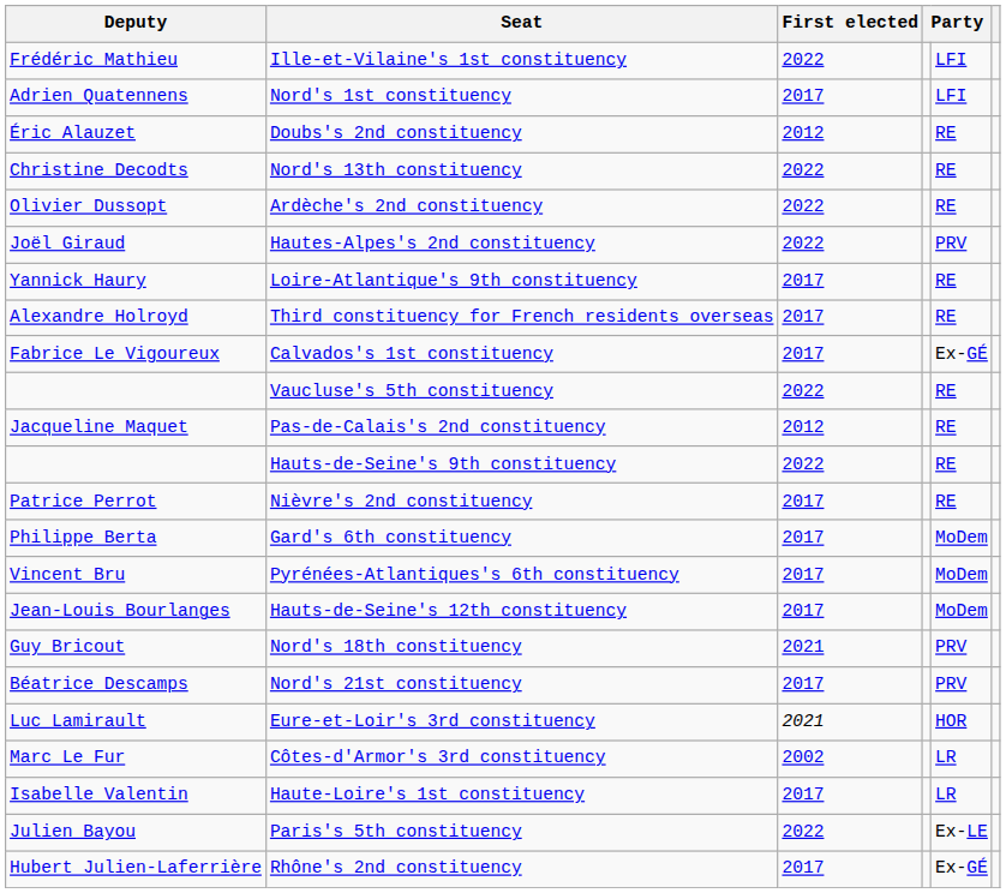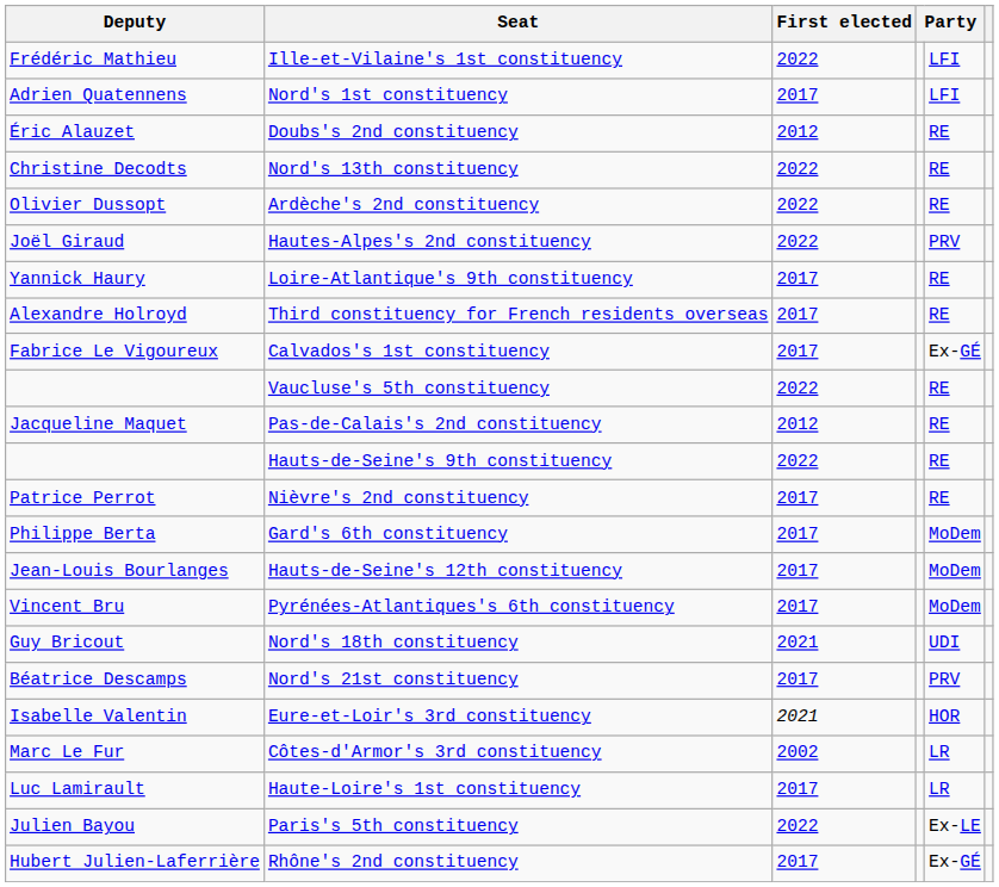 <table class="wikitable mw-collapsible autocollapse" style="text-align:left; font-size:95%; line-height:20px;">
 <tr>
 <th scope="col">Deputy</th>
 <th scope="col">Seat</th>
 <th scope="col">First elected</th>
 <th colspan=2 scope="col">Party</th>
 <th scope="col"></th>
 </tr>
 <tr>
 <td><a href='#'>Frédéric Mathieu</a></td>
 <td><a href='#'>Ille-et-Vilaine's 1st constituency</a></td>
 <td><a href='#'>2022</a></td>
 <td></td>
 <td><a href='#'>LFI</a></td>
 <td></td>
 </tr>
 <tr>
 <td><a href='#'>Adrien Quatennens</a></td>
 <td><a href='#'>Nord's 1st constituency</a></td>
 <td><a href='#'>2017</a></td>
 <td></td>
 <td><a href='#'>LFI</a></td>
 <td></td>
 </tr>
 <tr>
 <td><a href='#'>Éric Alauzet</a></td>
 <td><a href='#'>Doubs's 2nd constituency</a></td>
 <td><a href='#'>2012</a></td>
 <td></td>
 <td><a href='#'>RE</a></td>
 <td></td>
 </tr>
 <tr>
 <td><a href='#'>Christine Decodts</a></td>
 <td><a href='#'>Nord's 13th constituency</a></td>
 <td><a href='#'>2022</a></td>
 <td></td>
 <td><a href='#'>RE</a></td>
 <td></td>
 </tr>
 <tr>
 <td><a href='#'>Olivier Dussopt</a></td>
 <td><a href='#'>Ardèche's 2nd constituency</a></td>
 <td><a href='#'>2022</a></td>
 <td></td>
 <td><a href='#'>RE</a></td>
 <td></td>
 </tr>
 <tr>
 <td><a href='#'>Joël Giraud</a></td>
 <td><a href='#'>Hautes-Alpes's 2nd constituency</a></td>
 <td><a href='#'>2022</a></td>
 <td style="background-color: "></td>
 <td><a href='#'>PRV</a></td>
 <td></td>
 </tr>
 <tr>
 <td><a href='#'>Yannick Haury</a></td>
 <td><a href='#'>Loire-Atlantique's 9th constituency</a></td>
 <td><a href='#'>2017</a></td>
 <td></td>
 <td><a href='#'>RE</a></td>
 <td></td>
 </tr>
 <tr>
 <td><a href='#'>Alexandre Holroyd</a></td>
 <td><a href='#'>Third constituency for French residents overseas</a></td>
 <td><a href='#'>2017</a></td>
 <td></td>
 <td><a href='#'>RE</a></td>
 <td></td>
 </tr>
 <tr>
 <td><a href='#'>Fabrice Le Vigoureux</a></td>
 <td><a href='#'>Calvados's 1st constituency</a></td>
 <td><a href='#'>2017</a></td>
 <td></td>
 <td>Ex-<a href='#'>GÉ</a></td>
 <td></td>
 </tr>
 <tr>
 <td></td>
 <td><a href='#'>Vaucluse's 5th constituency</a></td>
 <td><a href='#'>2022</a></td>
 <td></td>
 <td><a href='#'>RE</a></td>
 <td></td>
 </tr>
 <tr>
 <td><a href='#'>Jacqueline Maquet</a></td>
 <td><a href='#'>Pas-de-Calais's 2nd constituency</a></td>
 <td><a href='#'>2012</a></td>
 <td></td>
 <td><a href='#'>RE</a></td>
 <td></td>
 </tr>
 <tr>
 <td></td>
 <td><a href='#'>Hauts-de-Seine's 9th constituency</a></td>
 <td><a href='#'>2022</a></td>
 <td></td>
 <td><a href='#'>RE</a></td>
 <td></td>
 </tr>
 <tr>
 <td><a href='#'>Patrice Perrot</a></td>
 <td><a href='#'>Nièvre's 2nd constituency</a></td>
 <td><a href='#'>2017</a></td>
 <td></td>
 <td><a href='#'>RE</a></td>
 <td></td>
 </tr>
 <tr>
 <td><a href='#'>Philippe Berta</a></td>
 <td><a href='#'>Gard's 6th constituency</a></td>
 <td><a href='#'>2017</a></td>
 <td style="background-color: "></td>
 <td><a href='#'>MoDem</a></td>
 <td></td>
 </tr>
 <tr>
-<td><a href='#'>Vincent Bru</a></td>
-<td><a href='#'>Pyrénées-Atlantiques's 6th constituency</a></td>
+<td><a href='#'>Jean-Louis Bourlanges</a></td>
+<td><a href='#'>Hauts-de-Seine's 12th constituency</a></td>
 <td><a href='#'>2017</a></td>
 <td style="background-color: "></td>
 <td><a href='#'>MoDem</a></td>
 <td></td>
 </tr>
 <tr>
-<td><a href='#'>Jean-Louis Bourlanges</a></td>
-<td><a href='#'>Hauts-de-Seine's 12th constituency</a></td>
+<td><a href='#'>Vincent Bru</a></td>
+<td><a href='#'>Pyrénées-Atlantiques's 6th constituency</a></td>
 <td><a href='#'>2017</a></td>
 <td style="background-color: "></td>
 <td><a href='#'>MoDem</a></td>
 <td></td>
 </tr>
 <tr>
 <td><a href='#'>Guy Bricout</a></td>
 <td><a href='#'>Nord's 18th constituency</a></td>
 <td><a href='#'>2021</a></td>
 <td style="background-color: "></td>
-<td><a href='#'>PRV</a></td>
+<td><a href='#'>UDI</a></td>
 <td></td>
 </tr>
 <tr>
 <td><a href='#'>Béatrice Descamps</a></td>
 <td><a href='#'>Nord's 21st constituency</a></td>
 <td><a href='#'>2017</a></td>
 <td style="background-color: "></td>
 <td><a href='#'>PRV</a></td>
 <td></td>
 </tr>
 <tr>
-<td><a href='#'>Luc Lamirault</a></td>
+<td><a href='#'>Isabelle Valentin</a></td>
 <td><a href='#'>Eure-et-Loir's 3rd constituency</a></td>
 <td><em>2021</em></td>
 <td style="background-color: "></td>
 <td><a href='#'>HOR</a></td>
 <td></td>
 </tr>
 <tr>
 <td><a href='#'>Marc Le Fur</a></td>
 <td><a href='#'>Côtes-d'Armor's 3rd constituency</a></td>
 <td><a href='#'>2002</a></td>
 <td style="background-color: "></td>
 <td><a href='#'>LR</a></td>
 <td></td>
 </tr>
 <tr>
-<td><a href='#'>Isabelle Valentin</a></td>
+<td><a href='#'>Luc Lamirault</a></td>
 <td><a href='#'>Haute-Loire's 1st constituency</a></td>
 <td><a href='#'>2017</a></td>
 <td style="background-color: "></td>
 <td><a href='#'>LR</a></td>
 <td></td>
 </tr>
 <tr>
 <td><a href='#'>Julien Bayou</a></td>
 <td><a href='#'>Paris's 5th constituency</a></td>
 <td><a href='#'>2022</a></td>
 <td style="background-color: "></td>
 <td>Ex-<a href='#'>LE</a></td>
 <td></td>
 </tr>
 <tr>
 <td><a href='#'>Hubert Julien-Laferrière</a></td>
 <td><a href='#'>Rhône's 2nd constituency</a></td>
 <td><a href='#'>2017</a></td>
 <td style="background-color: "></td>
 <td>Ex-<a href='#'>GÉ</a></td>
 <td></td>
 </tr>
 </table>
